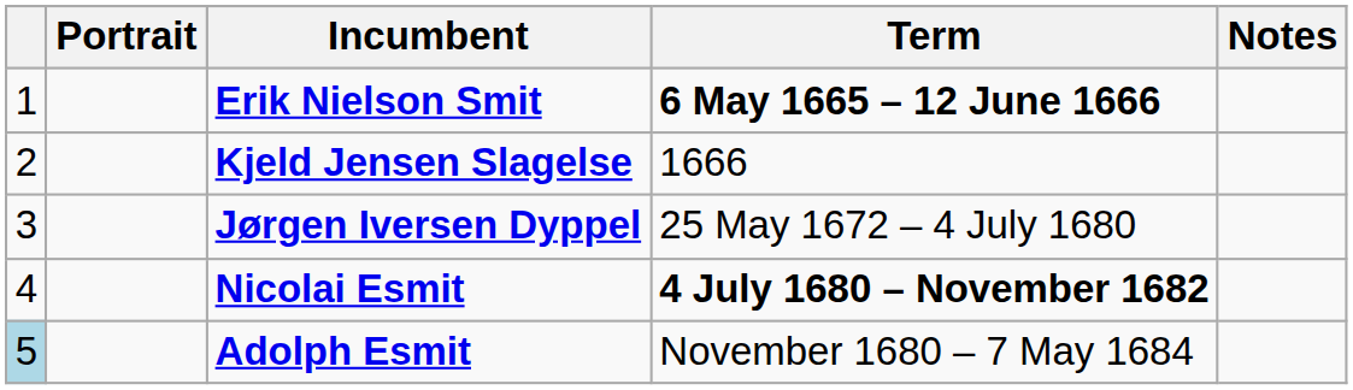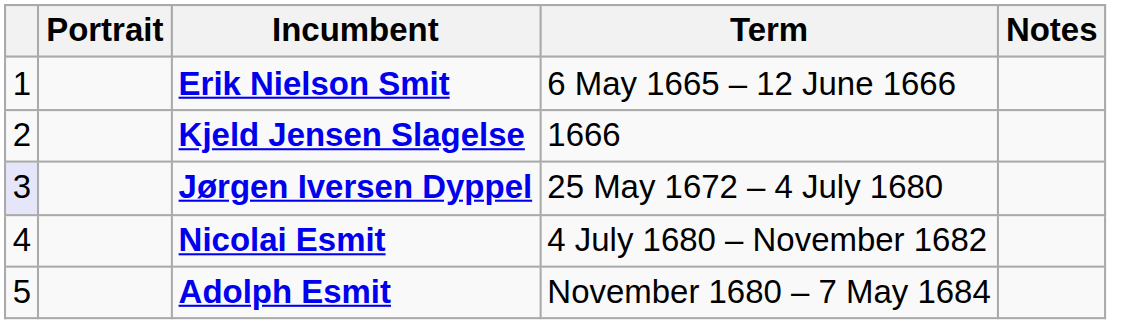 <table class="wikitable">
 <tr style="background:#CCCCCC">
 <th></th>
 <th>Portrait</th>
 <th>Incumbent</th>
 <th>Term</th>
 <th>Notes</th>
 </tr>
 <tr>
 <td>1</td>
 <td></td>
 <td valign="top"><strong><a href='#'>Erik Nielson Smit</a></strong></td>
-<td valign=top><strong>6 May 1665 – 12 June 1666</strong></td>
+<td valign=top>6 May 1665 – 12 June 1666</td>
 </tr>
 <tr>
 <td>2</td>
 <td></td>
 <td valign="top"><strong><a href='#'>Kjeld Jensen Slagelse</a></strong></td>
 <td valign=top> 1666</td>
 <td></td>
 </tr>
 <tr>
-<td>3</td>
+<td style="background: lavender;">3</td>
 <td></td>
 <td valign="top"><strong><a href='#'>Jørgen Iversen Dyppel</a></strong></td>
 <td valign=top>25 May 1672 – 4 July 1680</td>
 <td></td>
 </tr>
 <tr>
 <td>4</td>
 <td></td>
 <td valign="top"><strong><a href='#'>Nicolai Esmit</a></strong></td>
-<td valign=top><strong>4 July 1680 – November 1682</strong></td>
+<td valign=top>4 July 1680 – November 1682</td>
 <td></td>
 </tr>
 <tr>
-<td style="background: lightblue;">5</td>
+<td>5</td>
 <td></td>
 <td valign="top"><strong><a href='#'>Adolph Esmit</a></strong></td>
 <td valign=top>November 1680 – 7 May 1684</td>
 <td></td>
 </tr>
 </table>
